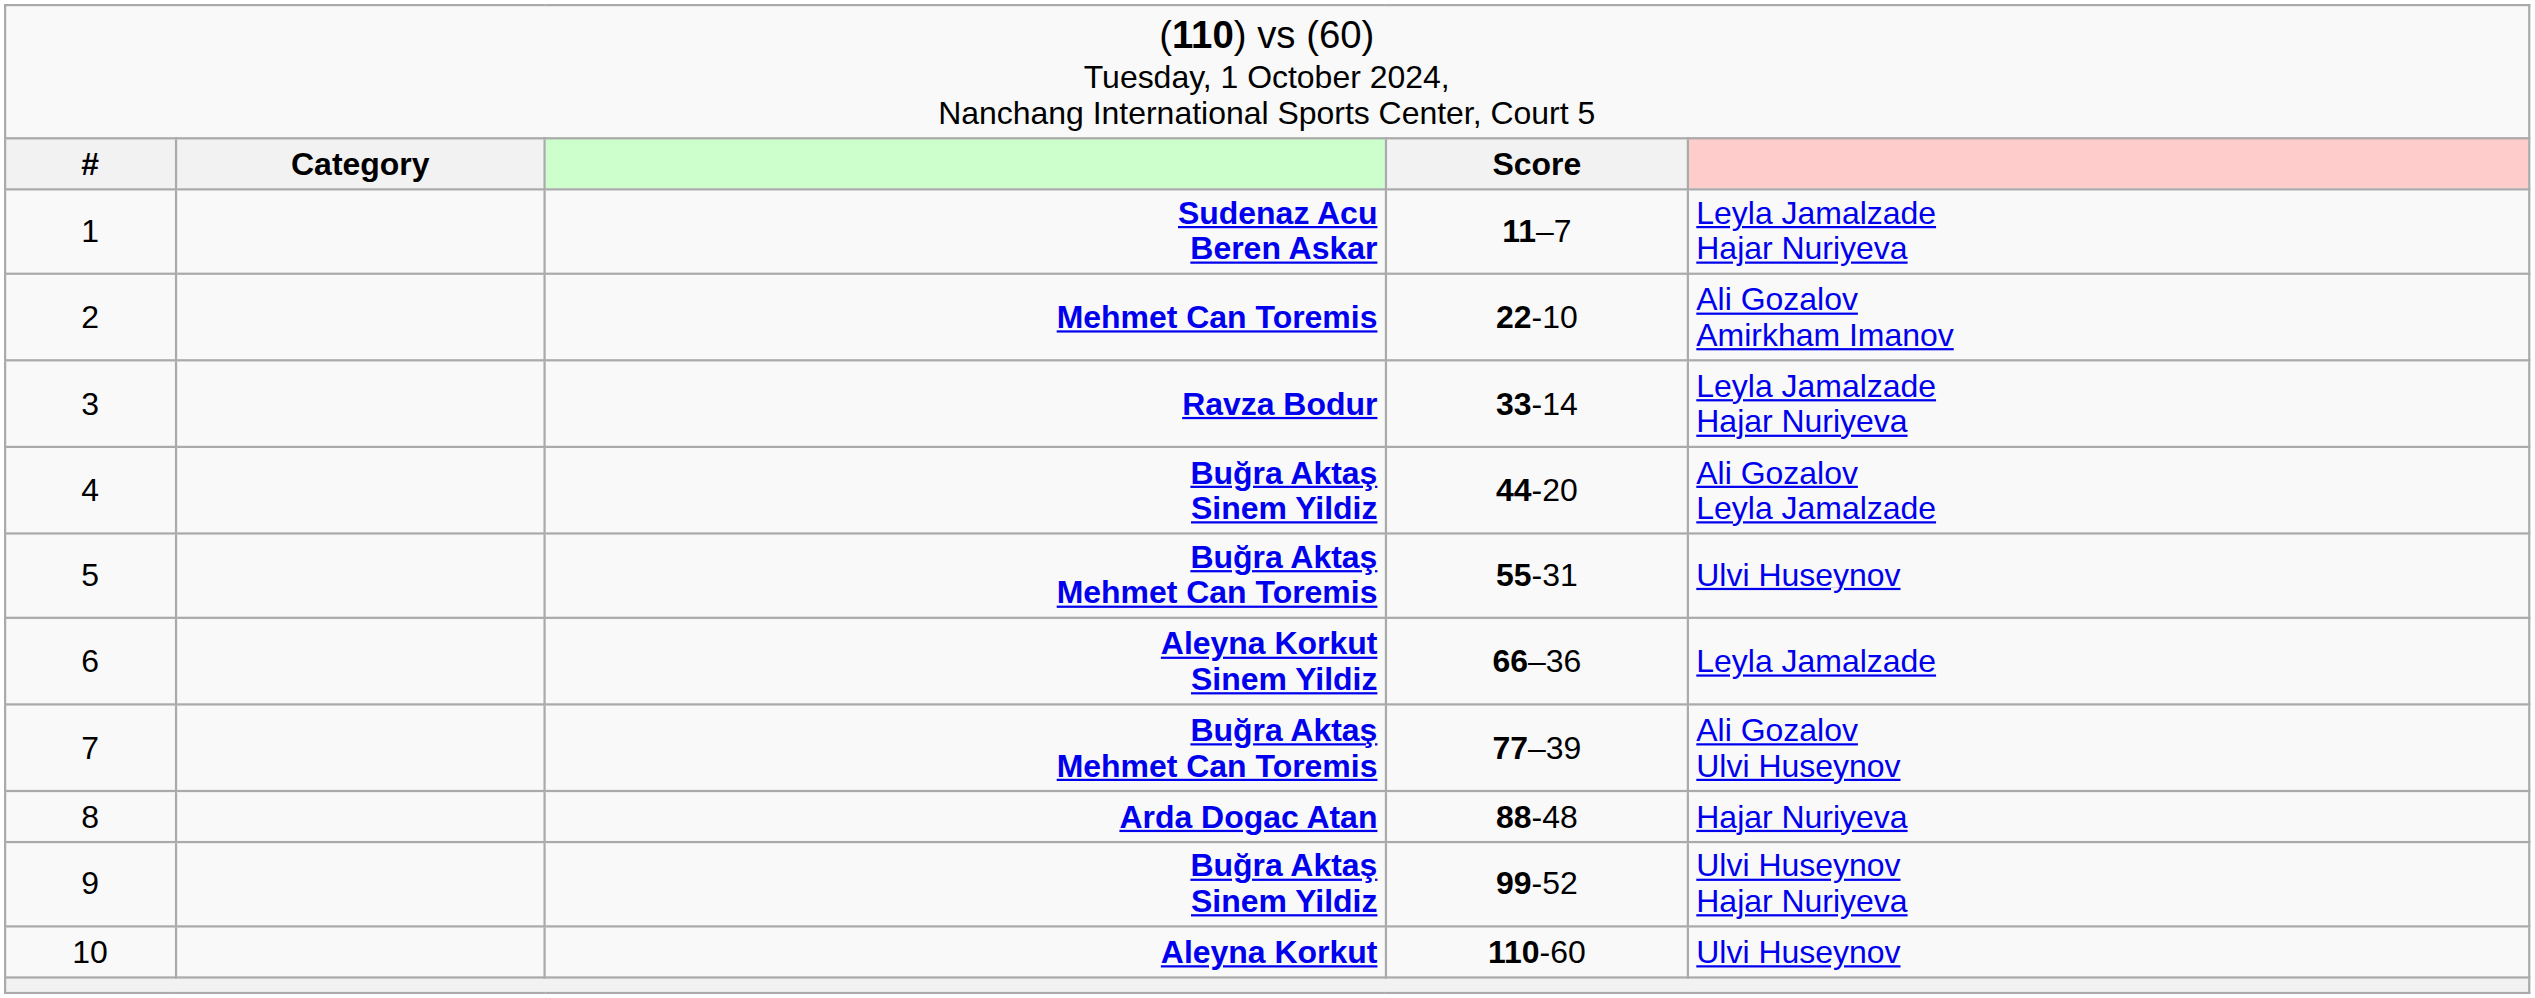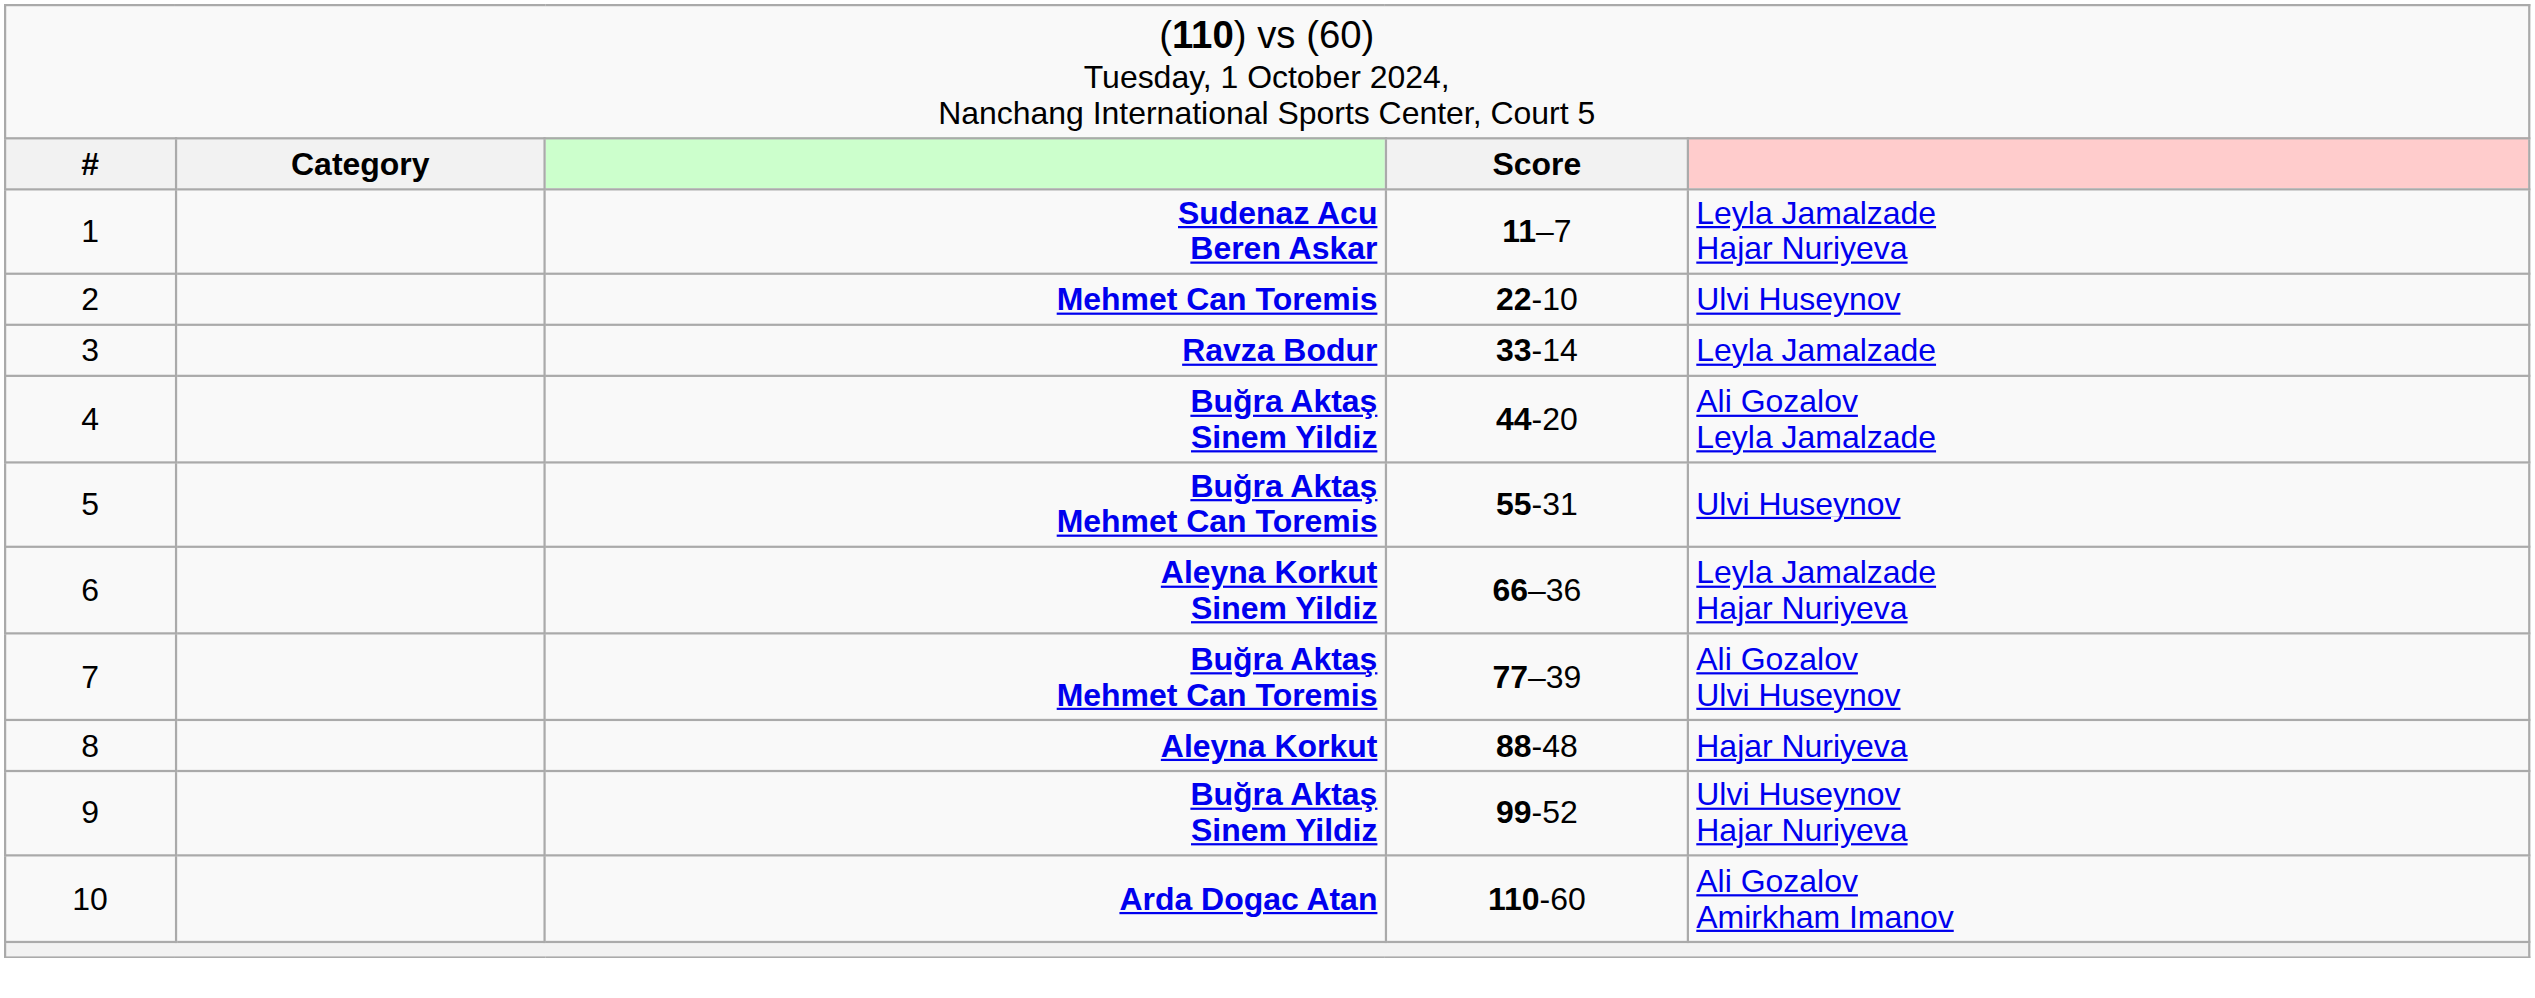 <table class="wikitable mw-collapsible mw-collapsed" style="font-size:90%; text-align:center" width="90%">
 <tr>
 <td colspan="5"><big>(<strong>110</strong>) <strong></strong> vs  (60)</big><br>Tuesday, 1 October 2024, <br>Nanchang International Sports Center, Court 5</td>
 </tr>
 <tr>
 <th width="25">#</th>
 <th width="50">Category</th>
 <th style="background-color:#CCFFCC" width="150"></th>
 <th width="50">Score<br></th>
 <th style="background-color:#FFCCCC" width="150"></th>
 </tr>
 <tr>
 <td>1</td>
 <td></td>
 <td align="right"><strong><a href='#'>Sudenaz Acu</a> <br><a href='#'>Beren Askar</a> </strong></td>
 <td><strong>11</strong>–7<br></td>
 <td align="left"> <a href='#'>Leyla Jamalzade</a><br> <a href='#'>Hajar Nuriyeva</a></td>
 </tr>
 <tr>
 <td>2</td>
 <td></td>
 <td align="right"><strong><a href='#'>Mehmet Can Toremis</a> </strong></td>
 <td><strong>22</strong>-10<br></td>
-<td align="left"> <a href='#'>Ali Gozalov</a><br> <a href='#'>Amirkham Imanov</a></td>
+<td align="left"> <a href='#'>Ulvi Huseynov</a></td>
 </tr>
 <tr>
 <td>3</td>
 <td></td>
 <td align="right"><strong><a href='#'>Ravza Bodur</a> </strong></td>
 <td><strong>33</strong>-14<br></td>
-<td align="left"> <a href='#'>Leyla Jamalzade</a><br> <a href='#'>Hajar Nuriyeva</a></td>
+<td align="left"> <a href='#'>Leyla Jamalzade</a></td>
 </tr>
 <tr>
 <td>4</td>
 <td></td>
 <td align="right"><strong><a href='#'>Buğra Aktaş</a> <br><a href='#'>Sinem Yildiz</a> </strong></td>
 <td><strong>44</strong>-20<br></td>
 <td align="left"> <a href='#'>Ali Gozalov</a><br> <a href='#'>Leyla Jamalzade</a></td>
 </tr>
 <tr>
 <td>5</td>
 <td></td>
 <td align="right"><strong><a href='#'>Buğra Aktaş</a> <br><a href='#'>Mehmet Can Toremis</a> </strong></td>
 <td><strong>55</strong>-31<br></td>
 <td align="left"> <a href='#'>Ulvi Huseynov</a></td>
 </tr>
 <tr>
 <td>6</td>
 <td></td>
 <td align="right"><strong><a href='#'>Aleyna Korkut</a> <br><a href='#'>Sinem Yildiz</a> </strong></td>
 <td><strong>66</strong>–36<br></td>
-<td align="left"> <a href='#'>Leyla Jamalzade</a></td>
+<td align="left"> <a href='#'>Leyla Jamalzade</a><br> <a href='#'>Hajar Nuriyeva</a></td>
 </tr>
 <tr>
 <td>7</td>
 <td></td>
 <td align="right"><strong><a href='#'>Buğra Aktaş</a> <br><a href='#'>Mehmet Can Toremis</a> </strong></td>
 <td><strong>77</strong>–39<br></td>
 <td align="left"> <a href='#'>Ali Gozalov</a><br> <a href='#'>Ulvi Huseynov</a></td>
 </tr>
 <tr>
 <td>8</td>
 <td></td>
-<td align="right"><strong><a href='#'>Arda Dogac Atan</a> </strong></td>
+<td align="right"><strong><a href='#'>Aleyna Korkut</a> </strong></td>
 <td><strong>88</strong>-48<br></td>
 <td align="left"> <a href='#'>Hajar Nuriyeva</a></td>
 </tr>
 <tr>
 <td>9</td>
 <td></td>
 <td align="right"><strong><a href='#'>Buğra Aktaş</a> <br><a href='#'>Sinem Yildiz</a> </strong></td>
 <td><strong>99</strong>-52<br></td>
 <td align="left"> <a href='#'>Ulvi Huseynov</a><br> <a href='#'>Hajar Nuriyeva</a></td>
 </tr>
 <tr>
 <td>10</td>
 <td></td>
-<td align="right"><strong><a href='#'>Aleyna Korkut</a> </strong></td>
+<td align="right"><strong><a href='#'>Arda Dogac Atan</a> </strong></td>
 <td><strong>110</strong>-60<br></td>
-<td align="left"> <a href='#'>Ulvi Huseynov</a></td>
+<td align="left"> <a href='#'>Ali Gozalov</a><br> <a href='#'>Amirkham Imanov</a></td>
 </tr>
 <tr>
 <th colspan="5"></th>
 </tr>
 </table>
